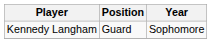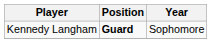 <table class="wikitable" border="1">
 <tr align=center>
 <th>Player</th>
 <th>Position</th>
 <th>Year</th>
 </tr>
 <tr>
 <td>Kennedy Langham</td>
-<td>Guard</td>
+<td><strong>Guard</strong></td>
 <td>Sophomore</td>
 </tr>
 <tr>
 </tr>
 </table>
